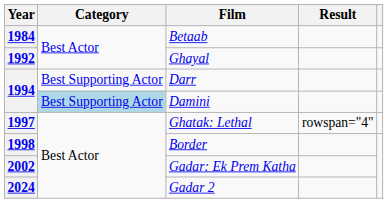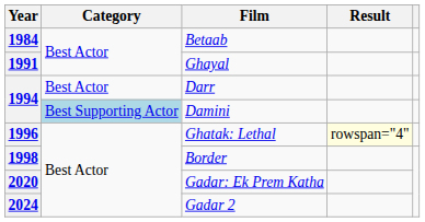 <table Class="wikitable">
 <tr>
 <th>Year</th>
 <th>Category</th>
 <th>Film</th>
 <th>Result</th>
 <th></th>
 </tr>
 <tr>
 <th><a href='#'>1984</a></th>
 <td rowspan="2"><a href='#'>Best Actor</a></td>
 <td><em><a href='#'>Betaab</a></em></td>
 <td></td>
 <td></td>
 </tr>
 <tr>
-<th><a href='#'>1992</a></th>
+<th><a href='#'>1991</a></th>
 <td><em><a href='#'>Ghayal</a></em></td>
 <td></td>
 <td></td>
 </tr>
 <tr>
 <th rowspan="2"><a href='#'>1994</a></th>
-<td><a href='#'>Best Supporting Actor</a></td>
+<td><a href='#'>Best Actor</a></td>
 <td><em><a href='#'>Darr</a></em></td>
 <td></td>
 <td></td>
 </tr>
 <tr>
 <td style="background: lightblue;"><a href='#'>Best Supporting Actor</a></td>
 <td><em><a href='#'>Damini</a></em></td>
 <td></td>
 <td></td>
 </tr>
 <tr>
-<th><a href='#'>1997</a></th>
+<th><a href='#'>1996</a></th>
 <td rowspan="4">Best Actor</td>
 <td><em><a href='#'>Ghatak: Lethal</a></em></td>
-<td>rowspan="4" </td>
+<td style="background: lightyellow;">rowspan="4" </td>
 <td></td>
 </tr>
 <tr>
 <th><a href='#'>1998</a></th>
 <td><em><a href='#'>Border</a></em></td>
 <td></td>
 </tr>
 <tr>
-<th><a href='#'>2002</a></th>
+<th><a href='#'>2020</a></th>
 <td><em><a href='#'>Gadar: Ek Prem Katha</a></em></td>
 <td></td>
 </tr>
 <tr>
 <th><a href='#'>2024</a></th>
 <td><em><a href='#'>Gadar 2</a></em></td>
 <td></td>
 </tr>
 </table>
